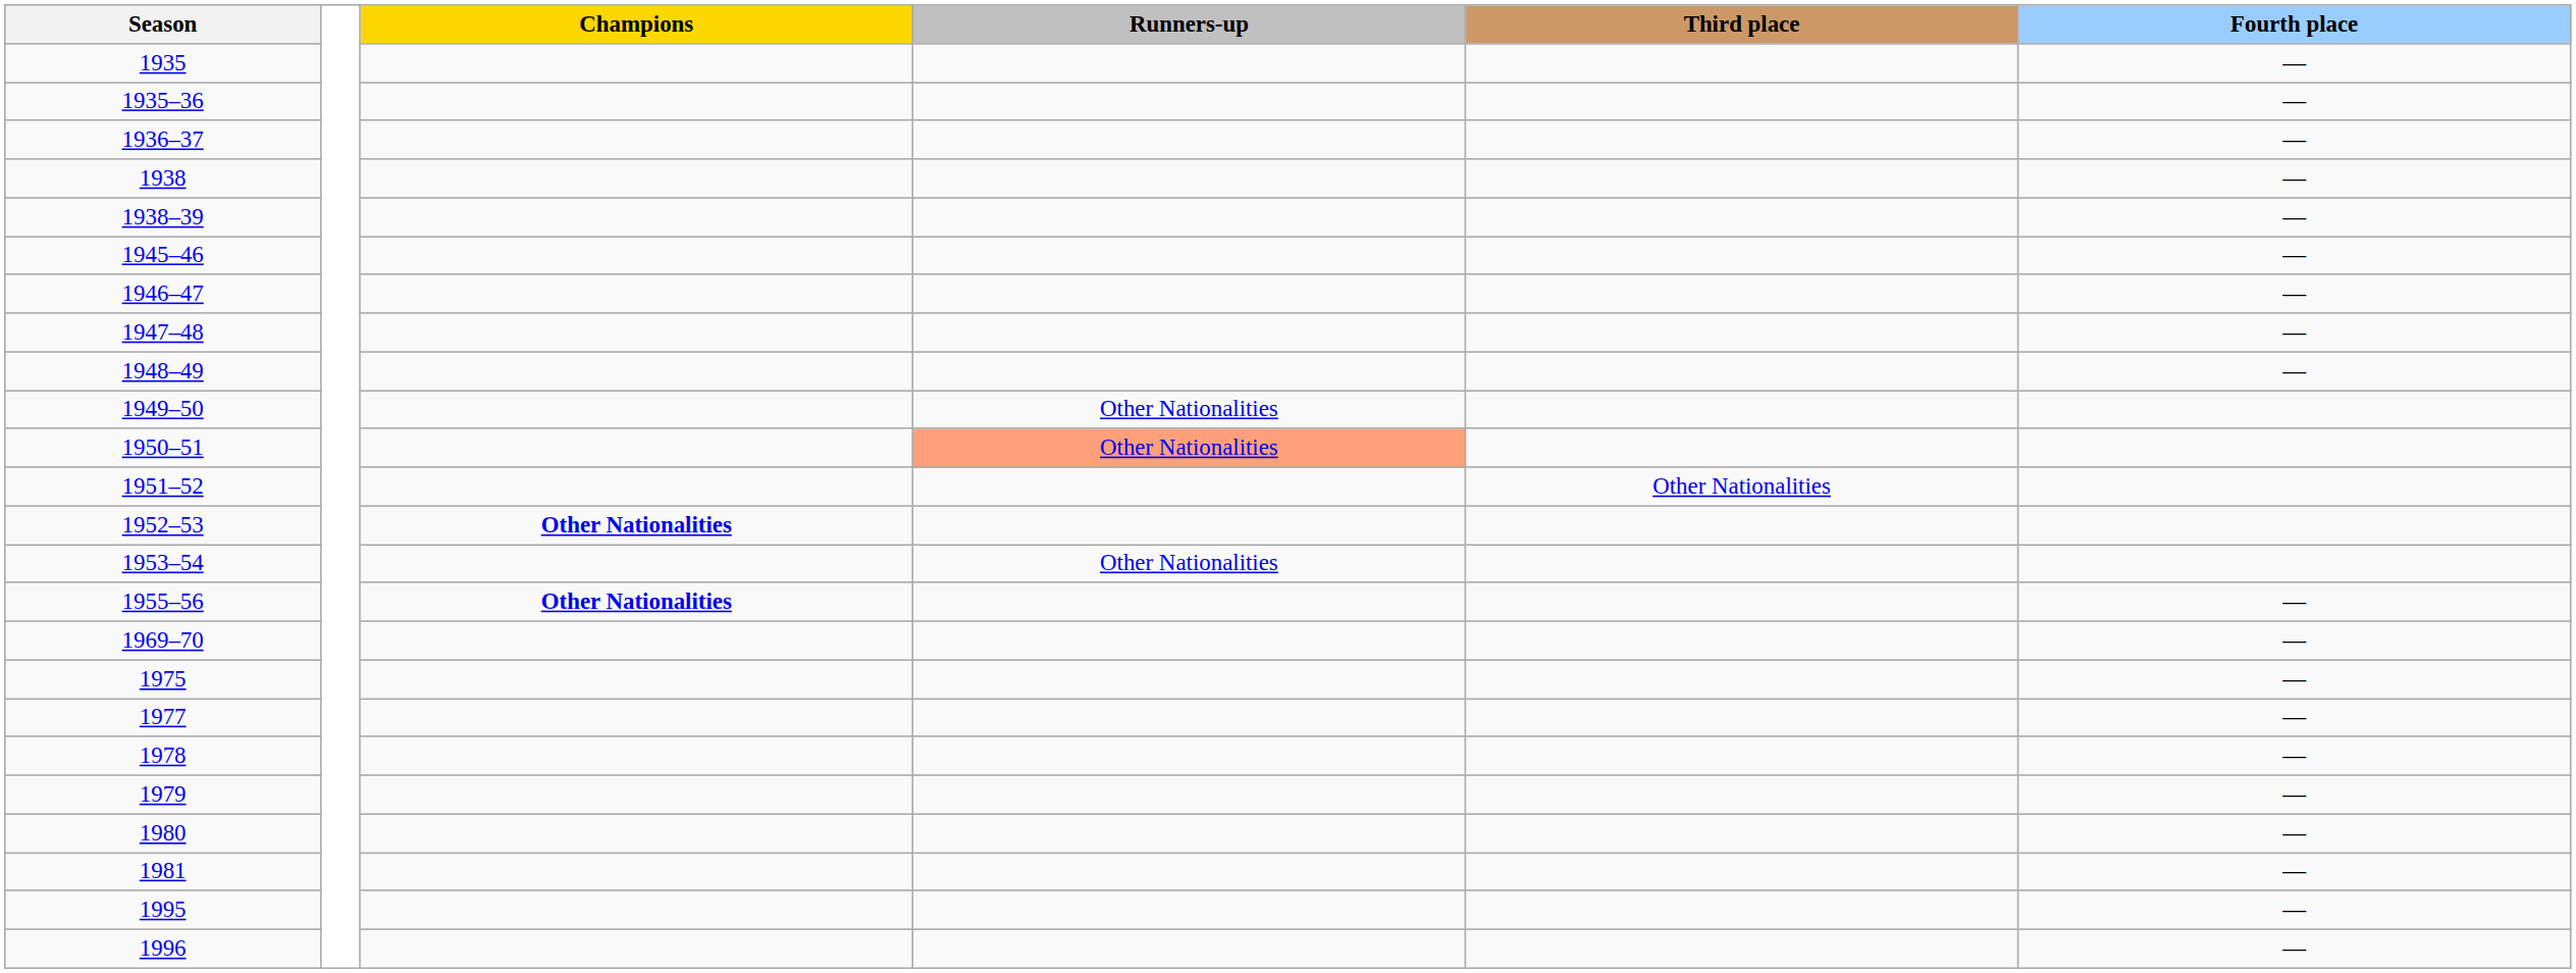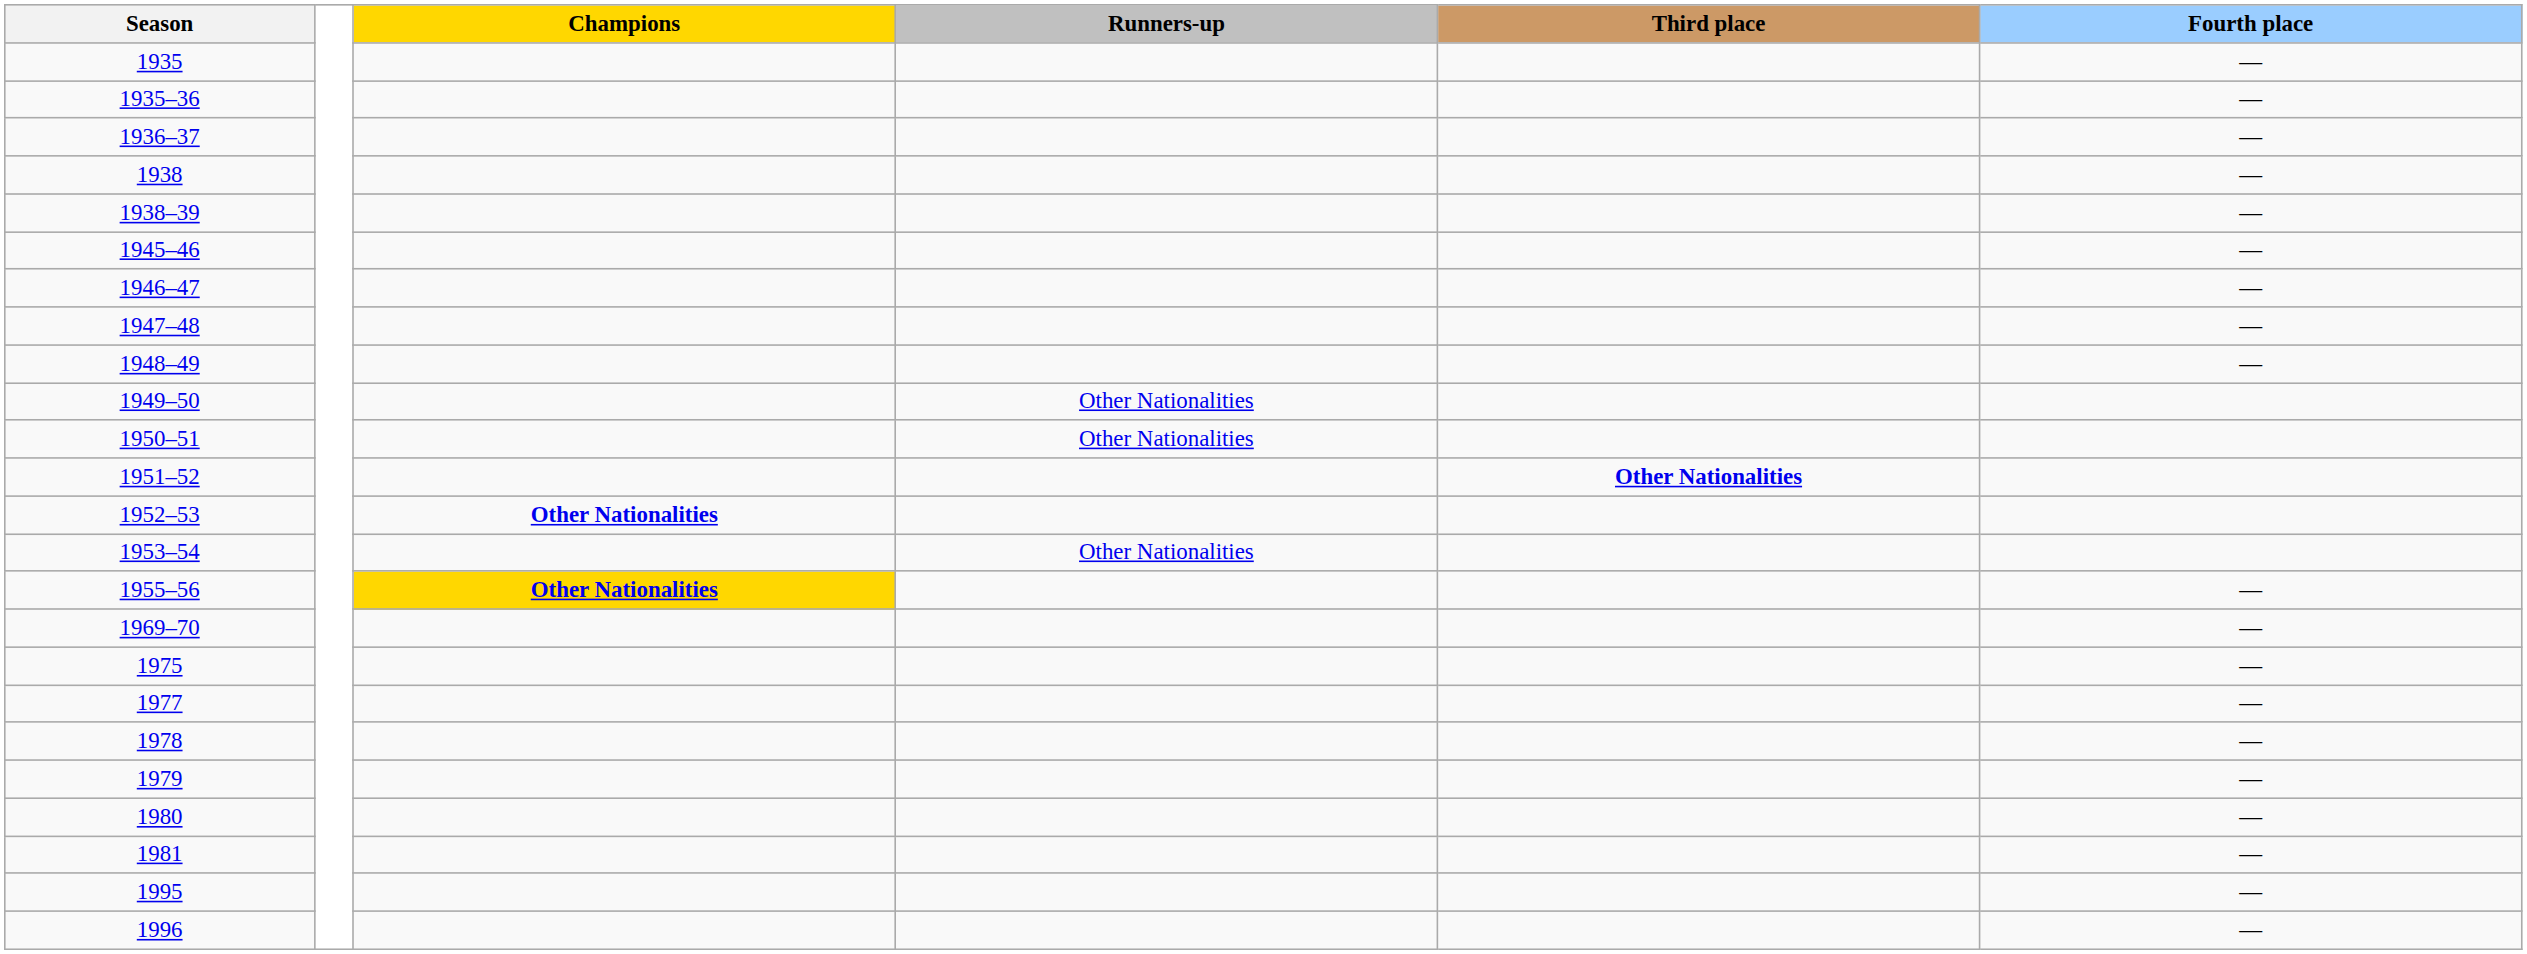 <table class="wikitable" style="font-size:90%;text-align:center;width:100%">
 <tr>
 <th width="8%">Season</th>
 <td width="1%" rowspan=25 style="background-color:#ffffff"></td>
 <th style="width:14%; background:gold;">Champions</th>
 <th style="width:14%; background:silver;">Runners-up</th>
 <th style="width:14%; background:#c96;">Third place</th>
 <th style="width:14%; background:#9acdff;">Fourth place</th>
 </tr>
 <tr>
 <td><a href='#'>1935</a></td>
 <td><strong></strong></td>
 <td></td>
 <td></td>
 <td>—</td>
 </tr>
 <tr>
 <td><a href='#'>1935–36</a></td>
 <td><strong></strong></td>
 <td></td>
 <td></td>
 <td>—</td>
 </tr>
 <tr>
 <td><a href='#'>1936–37</a></td>
 <td><strong></strong></td>
 <td></td>
 <td></td>
 <td>—</td>
 </tr>
 <tr>
 <td><a href='#'>1938</a></td>
 <td><strong></strong></td>
 <td></td>
 <td></td>
 <td>—</td>
 </tr>
 <tr>
 <td><a href='#'>1938–39</a></td>
 <td><strong></strong></td>
 <td></td>
 <td></td>
 <td>—</td>
 </tr>
 <tr>
 <td><a href='#'>1945–46</a></td>
 <td><strong></strong></td>
 <td></td>
 <td></td>
 <td>—</td>
 </tr>
 <tr>
 <td><a href='#'>1946–47</a></td>
 <td><strong></strong></td>
 <td></td>
 <td></td>
 <td>—</td>
 </tr>
 <tr>
 <td><a href='#'>1947–48</a></td>
 <td><strong></strong></td>
 <td></td>
 <td></td>
 <td>—</td>
 </tr>
 <tr>
 <td><a href='#'>1948–49</a></td>
 <td><strong></strong></td>
 <td></td>
 <td></td>
 <td>—</td>
 </tr>
 <tr>
 <td><a href='#'>1949–50</a></td>
 <td><strong></strong></td>
 <td><a href='#'>Other Nationalities</a></td>
 <td></td>
 <td></td>
 </tr>
 <tr>
 <td><a href='#'>1950–51</a></td>
 <td><strong></strong></td>
-<td style="background: lightsalmon;"><a href='#'>Other Nationalities</a></td>
+<td><a href='#'>Other Nationalities</a></td>
 <td></td>
 <td></td>
 </tr>
 <tr>
 <td><a href='#'>1951–52</a></td>
 <td><strong></strong></td>
 <td></td>
-<td><a href='#'>Other Nationalities</a></td>
+<td><strong><a href='#'>Other Nationalities</a></strong></td>
 <td></td>
 </tr>
 <tr>
 <td><a href='#'>1952–53</a></td>
 <td><strong> <a href='#'>Other Nationalities</a></strong></td>
 <td></td>
 <td></td>
 <td></td>
 </tr>
 <tr>
 <td><a href='#'>1953–54</a></td>
 <td><strong></strong></td>
 <td><a href='#'>Other Nationalities</a></td>
 <td></td>
 <td></td>
 </tr>
 <tr>
 <td><a href='#'>1955–56</a></td>
-<td><strong> <a href='#'>Other Nationalities</a></strong></td>
+<td style="background: gold;"><strong> <a href='#'>Other Nationalities</a></strong></td>
 <td></td>
 <td></td>
 <td>—</td>
 </tr>
 <tr>
 <td><a href='#'>1969–70</a></td>
 <td><strong></strong></td>
 <td></td>
 <td></td>
 <td>—</td>
 </tr>
 <tr>
 <td><a href='#'>1975</a></td>
 <td><strong></strong></td>
 <td></td>
 <td></td>
 <td>—</td>
 </tr>
 <tr>
 <td><a href='#'>1977</a></td>
 <td><strong></strong></td>
 <td></td>
 <td></td>
 <td>—</td>
 </tr>
 <tr>
 <td><a href='#'>1978</a></td>
 <td><strong></strong></td>
 <td></td>
 <td></td>
 <td>—</td>
 </tr>
 <tr>
 <td><a href='#'>1979</a></td>
 <td><strong></strong></td>
 <td></td>
 <td></td>
 <td>—</td>
 </tr>
 <tr>
 <td><a href='#'>1980</a></td>
 <td><strong></strong></td>
 <td></td>
 <td></td>
 <td>—</td>
 </tr>
 <tr>
 <td><a href='#'>1981</a></td>
 <td><strong></strong></td>
 <td></td>
 <td></td>
 <td>—</td>
 </tr>
 <tr>
 <td><a href='#'>1995</a></td>
 <td><strong></strong></td>
 <td></td>
 <td></td>
 <td>—</td>
 </tr>
 <tr>
 <td><a href='#'>1996</a></td>
 <td><strong></strong></td>
 <td></td>
 <td></td>
 <td>—</td>
 </tr>
 </table>
